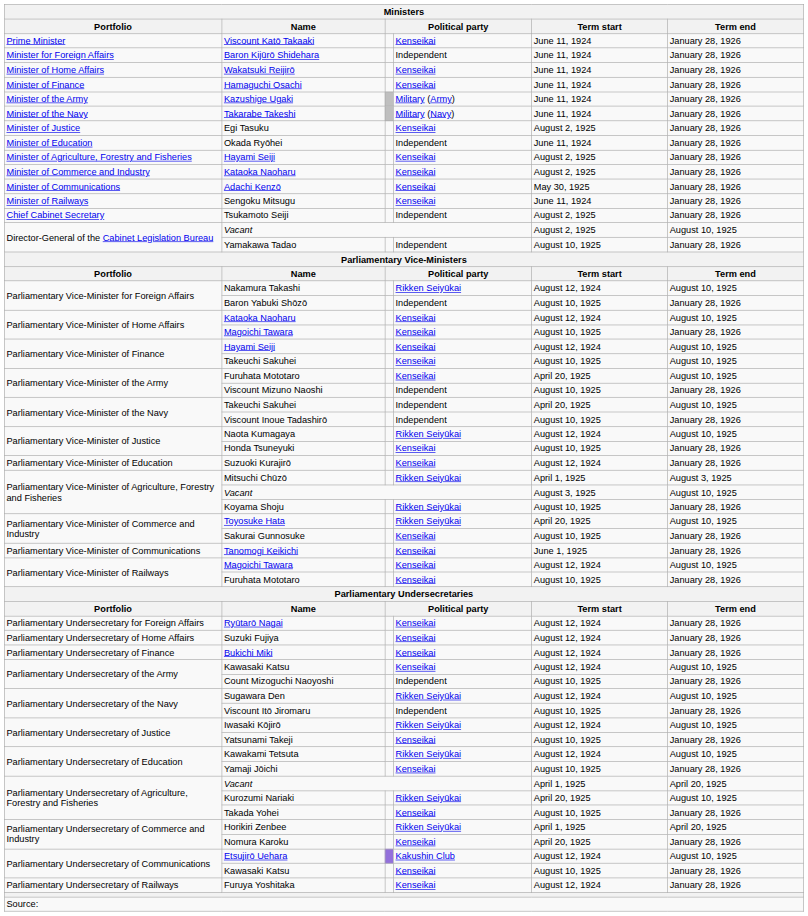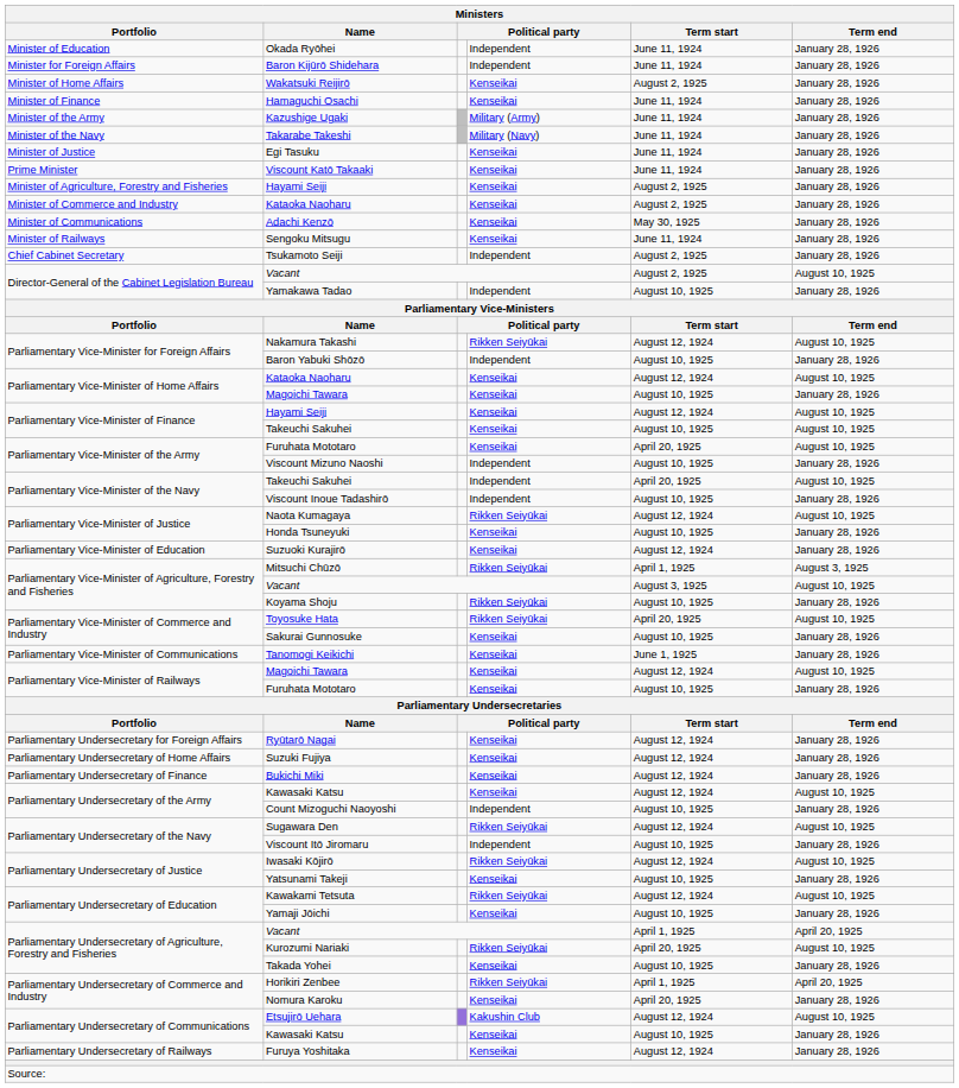 <table class="wikitable unsortable" style="font-size: 90%;">
 <tr>
 <th colspan="6">Ministers</th>
 </tr>
 <tr>
 <th scope="col" width="20%">Portfolio</th>
 <th scope="col" width="15%">Name</th>
 <th colspan="2" scope="col" width="13.5%">Political party</th>
 <th scope="col" width="12.5%">Term start</th>
 <th scope="col" width="12.5%">Term end</th>
 </tr>
 <tr>
-<td style="text-align: left;"><a href='#'>Prime Minister</a></td>
-<td><a href='#'>Viscount Katō Takaaki</a></td>
+<td><a href='#'>Minister of Education</a></td>
+<td>Okada Ryōhei</td>
 <td style="color:inherit;background:"></td>
-<td><a href='#'>Kenseikai</a></td>
+<td>Independent</td>
 <td>June 11, 1924</td>
 <td>January 28, 1926</td>
 </tr>
 <tr>
 <td><a href='#'>Minister for Foreign Affairs</a></td>
 <td><a href='#'>Baron Kijūrō Shidehara</a></td>
 <td style="color:inherit;background:"></td>
 <td>Independent</td>
 <td>June 11, 1924</td>
 <td>January 28, 1926</td>
 </tr>
 <tr>
 <td><a href='#'>Minister of Home Affairs</a></td>
 <td><a href='#'>Wakatsuki Reijirō</a></td>
 <td style="color:inherit;background:"></td>
 <td><a href='#'>Kenseikai</a></td>
-<td>June 11, 1924</td>
+<td>August 2, 1925</td>
 <td>January 28, 1926</td>
 </tr>
 <tr>
 <td><a href='#'>Minister of Finance</a></td>
 <td><a href='#'>Hamaguchi Osachi</a></td>
 <td style="color:inherit;background:"></td>
 <td><a href='#'>Kenseikai</a></td>
 <td>June 11, 1924</td>
 <td>January 28, 1926</td>
 </tr>
 <tr>
 <td><a href='#'>Minister of the Army</a></td>
 <td><a href='#'>Kazushige Ugaki</a></td>
 <td style="color:inherit;background:#bfbfbf"></td>
 <td><a href='#'>Military</a> (<a href='#'>Army</a>)</td>
 <td>June 11, 1924</td>
 <td>January 28, 1926</td>
 </tr>
 <tr>
 <td><a href='#'>Minister of the Navy</a></td>
 <td><a href='#'>Takarabe Takeshi</a></td>
 <td style="color:inherit;background:#bfbfbf"></td>
 <td><a href='#'>Military</a> (<a href='#'>Navy</a>)</td>
 <td>June 11, 1924</td>
 <td>January 28, 1926</td>
 </tr>
 <tr>
 <td><a href='#'>Minister of Justice</a></td>
 <td>Egi Tasuku</td>
 <td style="color:inherit;background:"></td>
 <td><a href='#'>Kenseikai</a></td>
-<td>August 2, 1925</td>
+<td>June 11, 1924</td>
 <td>January 28, 1926</td>
 </tr>
 <tr>
-<td><a href='#'>Minister of Education</a></td>
-<td>Okada Ryōhei</td>
+<td style="text-align: left;"><a href='#'>Prime Minister</a></td>
+<td><a href='#'>Viscount Katō Takaaki</a></td>
 <td style="color:inherit;background:"></td>
-<td>Independent</td>
+<td><a href='#'>Kenseikai</a></td>
 <td>June 11, 1924</td>
 <td>January 28, 1926</td>
 </tr>
 <tr>
 <td><a href='#'>Minister of Agriculture, Forestry and Fisheries</a></td>
 <td><a href='#'>Hayami Seiji</a></td>
 <td style="color:inherit;background:"></td>
 <td><a href='#'>Kenseikai</a></td>
 <td>August 2, 1925</td>
 <td>January 28, 1926</td>
 </tr>
 <tr>
 <td><a href='#'>Minister of Commerce and Industry</a></td>
 <td><a href='#'>Kataoka Naoharu</a></td>
 <td style="color:inherit;background:"></td>
 <td><a href='#'>Kenseikai</a></td>
 <td>August 2, 1925</td>
 <td>January 28, 1926</td>
 </tr>
 <tr>
 <td><a href='#'>Minister of Communications</a></td>
 <td><a href='#'>Adachi Kenzō</a></td>
 <td style="color:inherit;background:"></td>
 <td><a href='#'>Kenseikai</a></td>
 <td>May 30, 1925</td>
 <td>January 28, 1926</td>
 </tr>
 <tr>
 <td><a href='#'>Minister of Railways</a></td>
 <td>Sengoku Mitsugu</td>
 <td style="color:inherit;background:"></td>
 <td><a href='#'>Kenseikai</a></td>
 <td>June 11, 1924</td>
 <td>January 28, 1926</td>
 </tr>
 <tr>
 <td><a href='#'>Chief Cabinet Secretary</a></td>
 <td>Tsukamoto Seiji</td>
 <td style="color:inherit;background:"></td>
 <td>Independent</td>
 <td>August 2, 1925</td>
 <td>January 28, 1926</td>
 </tr>
 <tr>
 <td rowspan="2">Director-General of the <a href='#'>Cabinet Legislation Bureau</a></td>
 <td colspan="3"><em>Vacant</em></td>
 <td>August 2, 1925</td>
 <td>August 10, 1925</td>
 </tr>
 <tr>
 <td>Yamakawa Tadao</td>
 <td style="color:inherit;background:"></td>
 <td>Independent</td>
 <td>August 10, 1925</td>
 <td>January 28, 1926</td>
 </tr>
 <tr>
 <th colspan="6">Parliamentary Vice-Ministers</th>
 </tr>
 <tr>
 <th>Portfolio</th>
 <th>Name</th>
 <th colspan="2">Political party</th>
 <th>Term start</th>
 <th>Term end</th>
 </tr>
 <tr>
 <td rowspan="2">Parliamentary Vice-Minister for Foreign Affairs</td>
 <td>Nakamura Takashi</td>
 <td style="color:inherit;background:"></td>
 <td><a href='#'>Rikken Seiyūkai</a></td>
 <td>August 12, 1924</td>
 <td>August 10, 1925</td>
 </tr>
 <tr>
 <td>Baron Yabuki Shōzō</td>
 <td style="color:inherit;background:"></td>
 <td>Independent</td>
 <td>August 10, 1925</td>
 <td>January 28, 1926</td>
 </tr>
 <tr>
 <td rowspan="2">Parliamentary Vice-Minister of Home Affairs</td>
 <td><a href='#'>Kataoka Naoharu</a></td>
 <td style="color:inherit;background:"></td>
 <td><a href='#'>Kenseikai</a></td>
 <td>August 12, 1924</td>
 <td>August 10, 1925</td>
 </tr>
 <tr>
 <td><a href='#'>Magoichi Tawara</a></td>
 <td style="color:inherit;background:"></td>
 <td><a href='#'>Kenseikai</a></td>
 <td>August 10, 1925</td>
 <td>January 28, 1926</td>
 </tr>
 <tr>
 <td rowspan="2">Parliamentary Vice-Minister of Finance</td>
 <td><a href='#'>Hayami Seiji</a></td>
 <td style="color:inherit;background:"></td>
 <td><a href='#'>Kenseikai</a></td>
 <td>August 12, 1924</td>
 <td>August 10, 1925</td>
 </tr>
 <tr>
 <td>Takeuchi Sakuhei</td>
 <td style="color:inherit;background:"></td>
 <td><a href='#'>Kenseikai</a></td>
 <td>August 10, 1925</td>
 <td>August 10, 1925</td>
 </tr>
 <tr>
 <td rowspan="2">Parliamentary Vice-Minister of the Army</td>
 <td>Furuhata Mototaro</td>
 <td style="color:inherit;background:"></td>
 <td><a href='#'>Kenseikai</a></td>
 <td>April 20, 1925</td>
 <td>August 10, 1925</td>
 </tr>
 <tr>
 <td>Viscount Mizuno Naoshi</td>
 <td style="color:inherit;background:"></td>
 <td>Independent</td>
 <td>August 10, 1925</td>
 <td>January 28, 1926</td>
 </tr>
 <tr>
 <td rowspan="2">Parliamentary Vice-Minister of the Navy</td>
 <td>Takeuchi Sakuhei</td>
 <td style="color:inherit;background:"></td>
 <td>Independent</td>
 <td>April 20, 1925</td>
 <td>August 10, 1925</td>
 </tr>
 <tr>
 <td>Viscount Inoue Tadashirō</td>
 <td style="color:inherit;background:"></td>
 <td>Independent</td>
 <td>August 10, 1925</td>
 <td>January 28, 1926</td>
 </tr>
 <tr>
 <td rowspan="2">Parliamentary Vice-Minister of Justice</td>
 <td>Naota Kumagaya</td>
 <td style="color:inherit;background:"></td>
 <td><a href='#'>Rikken Seiyūkai</a></td>
 <td>August 12, 1924</td>
 <td>August 10, 1925</td>
 </tr>
 <tr>
 <td>Honda Tsuneyuki</td>
 <td style="color:inherit;background:"></td>
 <td><a href='#'>Kenseikai</a></td>
 <td>August 10, 1925</td>
 <td>January 28, 1926</td>
 </tr>
 <tr>
 <td>Parliamentary Vice-Minister of Education</td>
 <td>Suzuoki Kurajirō</td>
 <td style="color:inherit;background:"></td>
 <td><a href='#'>Kenseikai</a></td>
 <td>August 12, 1924</td>
 <td>January 28, 1926</td>
 </tr>
 <tr>
 <td rowspan="3">Parliamentary Vice-Minister of Agriculture, Forestry and Fisheries</td>
 <td>Mitsuchi Chūzō</td>
 <td style="color:inherit;background:"></td>
 <td><a href='#'>Rikken Seiyūkai</a></td>
 <td>April 1, 1925</td>
 <td>August 3, 1925</td>
 </tr>
 <tr>
 <td colspan="3"><em>Vacant</em></td>
 <td>August 3, 1925</td>
 <td>August 10, 1925</td>
 </tr>
 <tr>
 <td>Koyama Shoju</td>
 <td style="color:inherit;background:"></td>
 <td><a href='#'>Rikken Seiyūkai</a></td>
 <td>August 10, 1925</td>
 <td>January 28, 1926</td>
 </tr>
 <tr>
 <td rowspan="2">Parliamentary Vice-Minister of Commerce and Industry</td>
 <td><a href='#'>Toyosuke Hata</a></td>
 <td style="color:inherit;background:"></td>
 <td><a href='#'>Rikken Seiyūkai</a></td>
 <td>April 20, 1925</td>
 <td>August 10, 1925</td>
 </tr>
 <tr>
 <td>Sakurai Gunnosuke</td>
 <td style="color:inherit;background:"></td>
 <td><a href='#'>Kenseikai</a></td>
 <td>August 10, 1925</td>
 <td>January 28, 1926</td>
 </tr>
 <tr>
 <td>Parliamentary Vice-Minister of Communications</td>
 <td><a href='#'>Tanomogi Keikichi</a></td>
 <td style="color:inherit;background:"></td>
 <td><a href='#'>Kenseikai</a></td>
 <td>June 1, 1925</td>
 <td>January 28, 1926</td>
 </tr>
 <tr>
 <td rowspan="2">Parliamentary Vice-Minister of Railways</td>
 <td><a href='#'>Magoichi Tawara</a></td>
 <td style="color:inherit;background:"></td>
 <td><a href='#'>Kenseikai</a></td>
 <td>August 12, 1924</td>
 <td>August 10, 1925</td>
 </tr>
 <tr>
 <td>Furuhata Mototaro</td>
 <td style="color:inherit;background:"></td>
 <td><a href='#'>Kenseikai</a></td>
 <td>August 10, 1925</td>
 <td>January 28, 1926</td>
 </tr>
 <tr>
 <th colspan="6">Parliamentary Undersecretaries</th>
 </tr>
 <tr>
 <th>Portfolio</th>
 <th>Name</th>
 <th colspan="2">Political party</th>
 <th>Term start</th>
 <th>Term end</th>
 </tr>
 <tr>
 <td>Parliamentary Undersecretary for Foreign Affairs</td>
 <td><a href='#'>Ryūtarō Nagai</a></td>
 <td style="color:inherit;background:"></td>
 <td><a href='#'>Kenseikai</a></td>
 <td>August 12, 1924</td>
 <td>January 28, 1926</td>
 </tr>
 <tr>
 <td>Parliamentary Undersecretary of Home Affairs</td>
 <td>Suzuki Fujiya</td>
 <td style="color:inherit;background:"></td>
 <td><a href='#'>Kenseikai</a></td>
 <td>August 12, 1924</td>
 <td>January 28, 1926</td>
 </tr>
 <tr>
 <td>Parliamentary Undersecretary of Finance</td>
 <td><a href='#'>Bukichi Miki</a></td>
 <td style="color:inherit;background:"></td>
 <td><a href='#'>Kenseikai</a></td>
 <td>August 12, 1924</td>
 <td>January 28, 1926</td>
 </tr>
 <tr>
 <td rowspan="2">Parliamentary Undersecretary of the Army</td>
 <td>Kawasaki Katsu</td>
 <td style="color:inherit;background:"></td>
 <td><a href='#'>Kenseikai</a></td>
 <td>August 12, 1924</td>
 <td>August 10, 1925</td>
 </tr>
 <tr>
 <td>Count Mizoguchi Naoyoshi</td>
 <td style="color:inherit;background:"></td>
 <td>Independent</td>
 <td>August 10, 1925</td>
 <td>January 28, 1926</td>
 </tr>
 <tr>
 <td rowspan="2">Parliamentary Undersecretary of the Navy</td>
 <td>Sugawara Den</td>
 <td style="color:inherit;background:"></td>
 <td><a href='#'>Rikken Seiyūkai</a></td>
 <td>August 12, 1924</td>
 <td>August 10, 1925</td>
 </tr>
 <tr>
 <td>Viscount Itō Jiromaru</td>
 <td style="color:inherit;background:"></td>
 <td>Independent</td>
 <td>August 10, 1925</td>
 <td>January 28, 1926</td>
 </tr>
 <tr>
 <td rowspan="2">Parliamentary Undersecretary of Justice</td>
 <td>Iwasaki Kōjirō</td>
 <td style="color:inherit;background:"></td>
 <td><a href='#'>Rikken Seiyūkai</a></td>
 <td>August 12, 1924</td>
 <td>August 10, 1925</td>
 </tr>
 <tr>
 <td>Yatsunami Takeji</td>
 <td style="color:inherit;background:"></td>
 <td><a href='#'>Kenseikai</a></td>
 <td>August 10, 1925</td>
 <td>January 28, 1926</td>
 </tr>
 <tr>
 <td rowspan="2">Parliamentary Undersecretary of Education</td>
 <td>Kawakami Tetsuta</td>
 <td style="color:inherit;background:"></td>
 <td><a href='#'>Rikken Seiyūkai</a></td>
 <td>August 12, 1924</td>
 <td>August 10, 1925</td>
 </tr>
 <tr>
 <td>Yamaji Jōichi</td>
 <td style="color:inherit;background:"></td>
 <td><a href='#'>Kenseikai</a></td>
 <td>August 10, 1925</td>
 <td>January 28, 1926</td>
 </tr>
 <tr>
 <td rowspan="3">Parliamentary Undersecretary of Agriculture, Forestry and Fisheries</td>
 <td colspan="3"><em>Vacant</em></td>
 <td>April 1, 1925</td>
 <td>April 20, 1925</td>
 </tr>
 <tr>
 <td>Kurozumi Nariaki</td>
 <td style="color:inherit;background:"></td>
 <td><a href='#'>Rikken Seiyūkai</a></td>
 <td>April 20, 1925</td>
 <td>August 10, 1925</td>
 </tr>
 <tr>
 <td>Takada Yohei</td>
 <td style="color:inherit;background:"></td>
 <td><a href='#'>Kenseikai</a></td>
 <td>August 10, 1925</td>
 <td>January 28, 1926</td>
 </tr>
 <tr>
 <td rowspan="2">Parliamentary Undersecretary of Commerce and Industry</td>
 <td>Horikiri Zenbee</td>
 <td style="color:inherit;background:"></td>
 <td><a href='#'>Rikken Seiyūkai</a></td>
 <td>April 1, 1925</td>
 <td>April 20, 1925</td>
 </tr>
 <tr>
 <td>Nomura Karoku</td>
 <td style="color:inherit;background:"></td>
 <td><a href='#'>Kenseikai</a></td>
 <td>April 20, 1925</td>
 <td>January 28, 1926</td>
 </tr>
 <tr>
 <td rowspan="2">Parliamentary Undersecretary of Communications</td>
 <td><a href='#'>Etsujirō Uehara</a></td>
 <td style="background:#9370DB;"></td>
 <td><a href='#'>Kakushin Club</a></td>
 <td>August 12, 1924</td>
 <td>August 10, 1925</td>
 </tr>
 <tr>
 <td>Kawasaki Katsu</td>
 <td style="color:inherit;background:"></td>
 <td><a href='#'>Kenseikai</a></td>
 <td>August 10, 1925</td>
 <td>January 28, 1926</td>
 </tr>
 <tr>
 <td>Parliamentary Undersecretary of Railways</td>
 <td>Furuya Yoshitaka</td>
 <td style="color:inherit;background:"></td>
 <td><a href='#'>Kenseikai</a></td>
 <td>August 12, 1924</td>
 <td>January 28, 1926</td>
 </tr>
 <tr>
 <th colspan="6"></th>
 </tr>
 <tr>
 <td colspan="6">Source:</td>
 </tr>
 </table>
